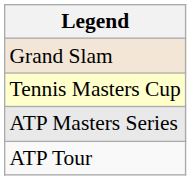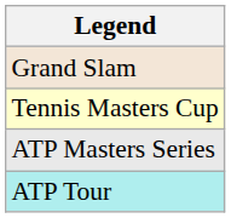 <table class="wikitable sortable">
 <tr>
 <th>Legend</th>
 </tr>
 <tr style="background:#f3e6d7;">
 <td>Grand Slam</td>
 </tr>
 <tr style="background:#ffffcc;">
 <td>Tennis Masters Cup</td>
 </tr>
 <tr style="background:#e9e9e9;">
 <td>ATP Masters Series</td>
 </tr>
 <tr>
-<td>ATP Tour</td>
+<td style="background: paleturquoise;">ATP Tour</td>
 </tr>
 </table>
